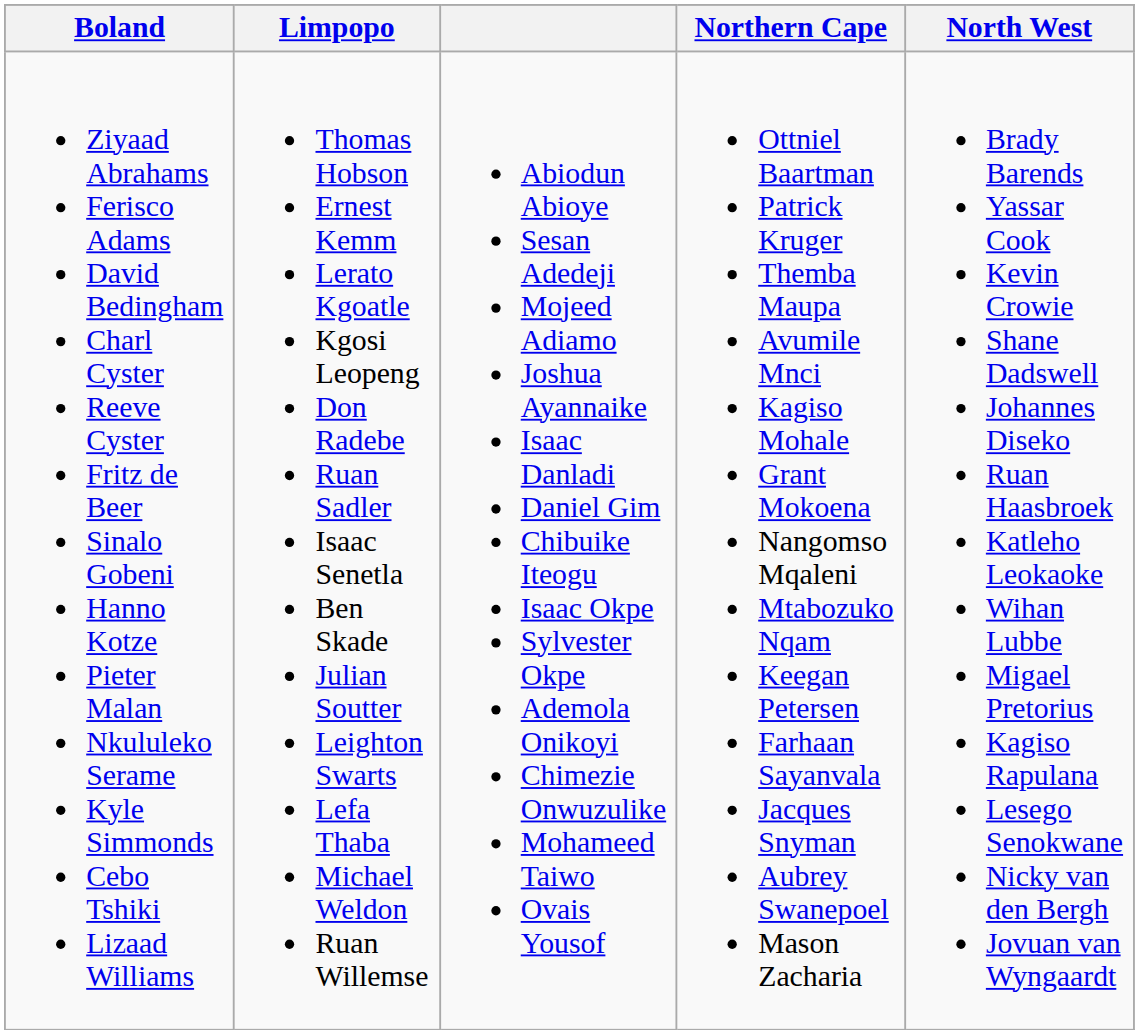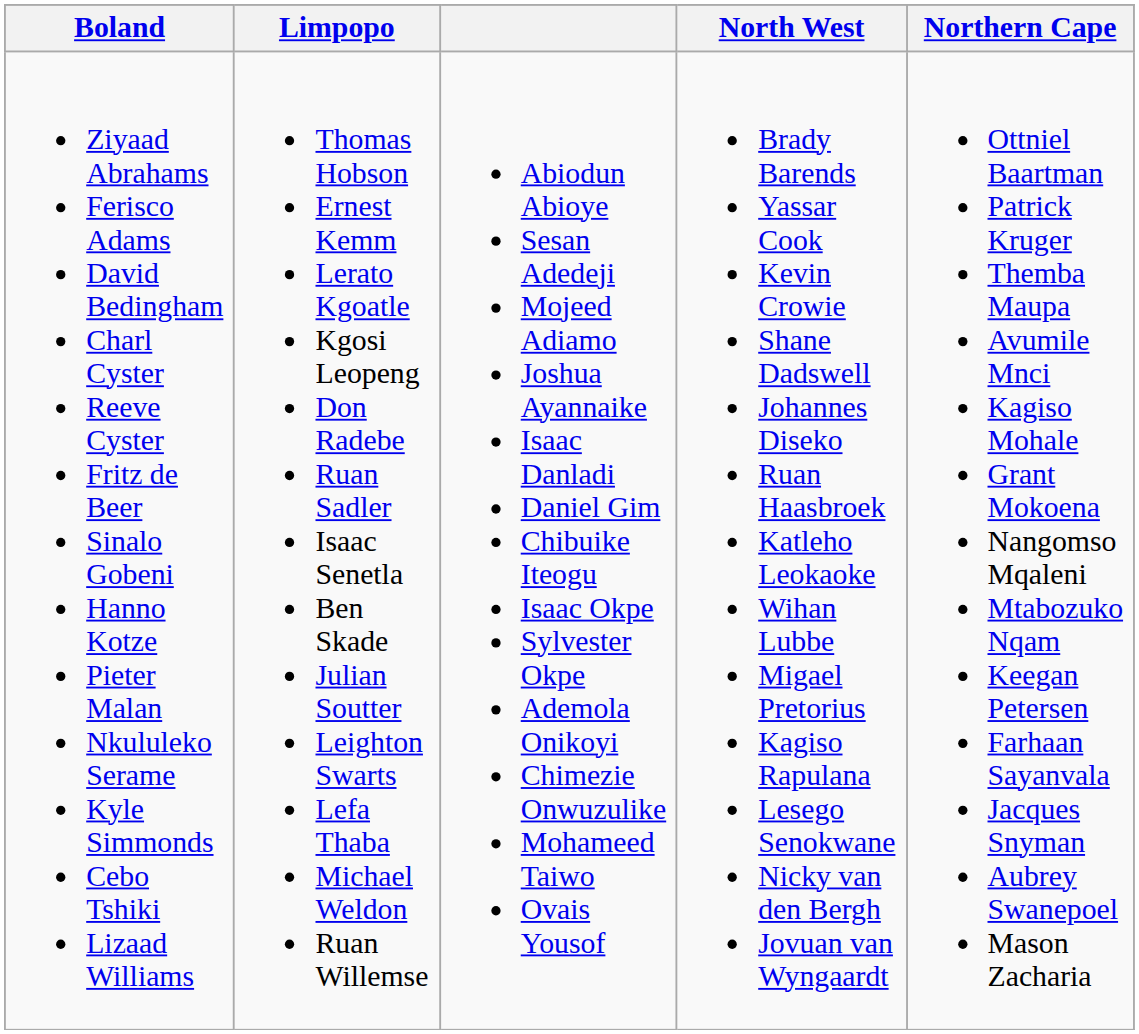 <table class="wikitable">
 <tr>
 <th width=300> <a href='#'>Boland</a></th>
 <th width=300> <a href='#'>Limpopo</a></th>
 <th width=300></th>
+<th width=300> <a href='#'>North West</a></th>
 <th width=300> <a href='#'>Northern Cape</a></th>
-<th width=300> <a href='#'>North West</a></th>
 </tr>
 <tr>
 <td valign=top><br><ul><li><a href='#'>Ziyaad Abrahams</a></li><li><a href='#'>Ferisco Adams</a></li><li><a href='#'>David Bedingham</a></li><li><a href='#'>Charl Cyster</a></li><li><a href='#'>Reeve Cyster</a></li><li><a href='#'>Fritz de Beer</a></li><li><a href='#'>Sinalo Gobeni</a></li><li><a href='#'>Hanno Kotze</a></li><li><a href='#'>Pieter Malan</a></li><li><a href='#'>Nkululeko Serame</a></li><li><a href='#'>Kyle Simmonds</a></li><li><a href='#'>Cebo Tshiki</a></li><li><a href='#'>Lizaad Williams</a></li></ul></td>
 <td><br><ul><li><a href='#'>Thomas Hobson</a></li><li><a href='#'>Ernest Kemm</a></li><li><a href='#'>Lerato Kgoatle</a></li><li>Kgosi Leopeng</li><li><a href='#'>Don Radebe</a></li><li><a href='#'>Ruan Sadler</a></li><li>Isaac Senetla</li><li>Ben Skade</li><li><a href='#'>Julian Soutter</a></li><li><a href='#'>Leighton Swarts</a></li><li><a href='#'>Lefa Thaba</a></li><li><a href='#'>Michael Weldon</a></li><li>Ruan Willemse</li></ul></td>
 <td><br><ul><li><a href='#'>Abiodun Abioye</a></li><li><a href='#'>Sesan Adedeji</a></li><li><a href='#'>Mojeed Adiamo</a></li><li><a href='#'>Joshua Ayannaike</a></li><li><a href='#'>Isaac Danladi</a></li><li><a href='#'>Daniel Gim</a></li><li><a href='#'>Chibuike Iteogu</a></li><li><a href='#'>Isaac Okpe</a></li><li><a href='#'>Sylvester Okpe</a></li><li><a href='#'>Ademola Onikoyi</a></li><li><a href='#'>Chimezie Onwuzulike</a></li><li><a href='#'>Mohameed Taiwo</a></li><li><a href='#'>Ovais Yousof</a></li></ul></td>
+<td><br><ul><li><a href='#'>Brady Barends</a></li><li><a href='#'>Yassar Cook</a></li><li><a href='#'>Kevin Crowie</a></li><li><a href='#'>Shane Dadswell</a></li><li><a href='#'>Johannes Diseko</a></li><li><a href='#'>Ruan Haasbroek</a></li><li><a href='#'>Katleho Leokaoke</a></li><li><a href='#'>Wihan Lubbe</a></li><li><a href='#'>Migael Pretorius</a></li><li><a href='#'>Kagiso Rapulana</a></li><li><a href='#'>Lesego Senokwane</a></li><li><a href='#'>Nicky van den Bergh</a></li><li><a href='#'>Jovuan van Wyngaardt</a></li></ul></td>
 <td><br><ul><li><a href='#'>Ottniel Baartman</a></li><li><a href='#'>Patrick Kruger</a></li><li><a href='#'>Themba Maupa</a></li><li><a href='#'>Avumile Mnci</a></li><li><a href='#'>Kagiso Mohale</a></li><li><a href='#'>Grant Mokoena</a></li><li>Nangomso Mqaleni</li><li><a href='#'>Mtabozuko Nqam</a></li><li><a href='#'>Keegan Petersen</a></li><li><a href='#'>Farhaan Sayanvala</a></li><li><a href='#'>Jacques Snyman</a></li><li><a href='#'>Aubrey Swanepoel</a></li><li>Mason Zacharia</li></ul></td>
-<td><br><ul><li><a href='#'>Brady Barends</a></li><li><a href='#'>Yassar Cook</a></li><li><a href='#'>Kevin Crowie</a></li><li><a href='#'>Shane Dadswell</a></li><li><a href='#'>Johannes Diseko</a></li><li><a href='#'>Ruan Haasbroek</a></li><li><a href='#'>Katleho Leokaoke</a></li><li><a href='#'>Wihan Lubbe</a></li><li><a href='#'>Migael Pretorius</a></li><li><a href='#'>Kagiso Rapulana</a></li><li><a href='#'>Lesego Senokwane</a></li><li><a href='#'>Nicky van den Bergh</a></li><li><a href='#'>Jovuan van Wyngaardt</a></li></ul></td>
 </tr>
 </table>
